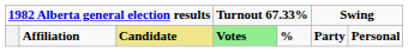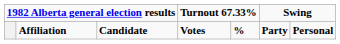 <table class="wikitable">
 <tr>
 <td colspan="3" align=center><strong><a href='#'>1982 Alberta general election</a> results</strong></td>
 <td colspan="2"><strong>Turnout 67.33%</strong></td>
 <td colspan="2" align=center><strong>Swing</strong></td>
 </tr>
 <tr>
 <th style="width: 10px;"></th>
 <td><strong>Affiliation</strong></td>
-<td style="background: khaki;"><strong>Candidate</strong></td>
-<td style="background: lightgreen;"><strong>Votes</strong></td>
+<td><strong>Candidate</strong></td>
+<td><strong>Votes</strong></td>
 <td><strong>%</strong></td>
 <td><strong>Party</strong></td>
 <td><strong>Personal</strong><br>       </td>
 </tr>
 </table>
